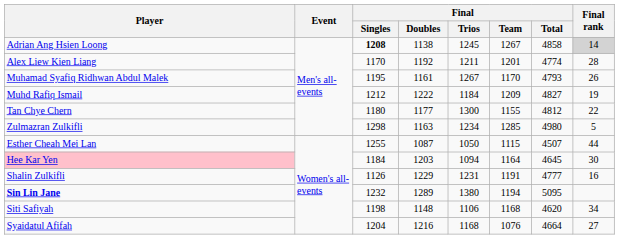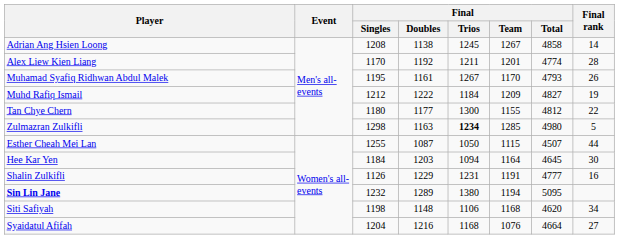 <table class="wikitable" width="70%" style="text-align:center; font-size:90%">
 <tr>
 <th rowspan=2 width="35%">Player</th>
 <th rowspan=2 width="7%">Event</th>
 <th colspan=5 width="10%">Final</th>
 <th rowspan=2 width="5%">Final rank</th>
 </tr>
 <tr>
 <th width="5%">Singles</th>
 <th width="5%">Doubles</th>
 <th width="5%">Trios</th>
 <th width="5%">Team</th>
 <th width="5%">Total</th>
 </tr>
 <tr>
 <td align=left><a href='#'>Adrian Ang Hsien Loong</a></td>
 <td rowspan=6 align=left><a href='#'>Men's all-events</a></td>
-<td><strong>1208</strong></td>
+<td>1208</td>
 <td>1138</td>
 <td>1245</td>
 <td>1267</td>
 <td>4858</td>
-<td style="background: lightgrey;">14</td>
+<td>14</td>
 </tr>
 <tr>
 <td align=left><a href='#'>Alex Liew Kien Liang</a></td>
 <td>1170</td>
 <td>1192</td>
 <td>1211</td>
 <td>1201</td>
 <td>4774</td>
 <td>28</td>
 </tr>
 <tr>
 <td align=left><a href='#'>Muhamad Syafiq Ridhwan Abdul Malek</a></td>
 <td>1195</td>
 <td>1161</td>
 <td>1267</td>
 <td>1170</td>
 <td>4793</td>
 <td>26</td>
 </tr>
 <tr>
 <td align=left><a href='#'>Muhd Rafiq Ismail</a></td>
 <td>1212</td>
 <td>1222</td>
 <td>1184</td>
 <td>1209</td>
 <td>4827</td>
 <td>19</td>
 </tr>
 <tr>
 <td align=left><a href='#'>Tan Chye Chern</a></td>
 <td>1180</td>
 <td>1177</td>
 <td>1300</td>
 <td>1155</td>
 <td>4812</td>
 <td>22</td>
 </tr>
 <tr>
 <td align=left><a href='#'>Zulmazran Zulkifli</a></td>
 <td>1298</td>
 <td>1163</td>
-<td>1234</td>
+<td><strong>1234</strong></td>
 <td>1285</td>
 <td>4980</td>
 <td>5</td>
 </tr>
 <tr>
 <td align=left><a href='#'>Esther Cheah Mei Lan</a></td>
 <td rowspan=6 align=left><a href='#'>Women's all-events</a></td>
 <td>1255</td>
 <td>1087</td>
 <td>1050</td>
 <td>1115</td>
 <td>4507</td>
 <td>44</td>
 </tr>
 <tr>
-<td align=left style="background: pink;"><a href='#'>Hee Kar Yen</a></td>
+<td align=left><a href='#'>Hee Kar Yen</a></td>
 <td>1184</td>
 <td>1203</td>
 <td>1094</td>
 <td>1164</td>
 <td>4645</td>
 <td>30</td>
 </tr>
 <tr>
 <td align=left><a href='#'>Shalin Zulkifli</a></td>
 <td>1126</td>
 <td>1229</td>
 <td>1231</td>
 <td>1191</td>
 <td>4777</td>
 <td>16</td>
 </tr>
 <tr>
 <td align=left><strong><a href='#'>Sin Lin Jane</a></strong></td>
 <td>1232</td>
 <td>1289</td>
 <td>1380</td>
 <td>1194</td>
 <td>5095</td>
 <td></td>
 </tr>
 <tr>
 <td align=left><a href='#'>Siti Safiyah</a></td>
 <td>1198</td>
 <td>1148</td>
 <td>1106</td>
 <td>1168</td>
 <td>4620</td>
 <td>34</td>
 </tr>
 <tr>
 <td align=left><a href='#'>Syaidatul Afifah</a></td>
 <td>1204</td>
 <td>1216</td>
 <td>1168</td>
 <td>1076</td>
 <td>4664</td>
 <td>27</td>
 </tr>
 </table>
